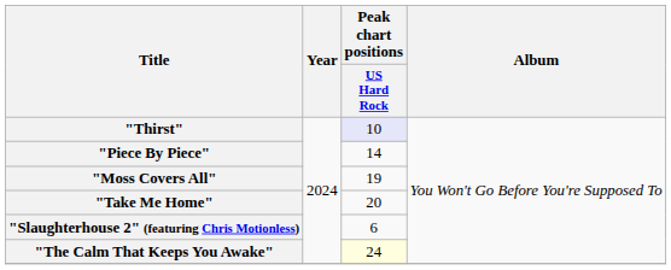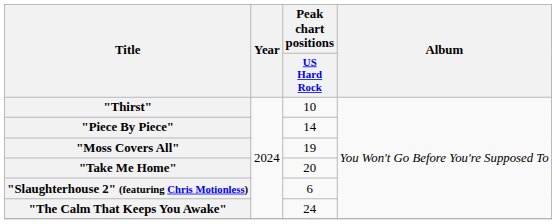 <table class="wikitable plainrowheaders" style="text-align:center;">
 <tr>
 <th scope="col" rowspan="2">Title</th>
 <th scope="col" rowspan="2">Year</th>
 <th scope="col" colspan="1">Peak chart positions</th>
 <th scope="col" rowspan="2">Album</th>
 </tr>
 <tr>
 <th scope="col" style="width:3em;font-size:85%"><a href='#'>US<br>Hard<br>Rock</a></th>
 </tr>
 <tr>
 <th scope="row">"Thirst"</th>
 <td rowspan="6">2024</td>
-<td style="background: lavender;">10</td>
+<td>10</td>
 <td rowspan="6"><em>You Won't Go Before You're Supposed To</em></td>
 </tr>
 <tr>
 <th scope="row">"Piece By Piece"</th>
 <td>14</td>
 </tr>
 <tr>
 <th scope="row">"Moss Covers All"</th>
 <td>19</td>
 </tr>
 <tr>
 <th scope="row">"Take Me Home"</th>
 <td>20</td>
 </tr>
 <tr>
 <th scope="row">"Slaughterhouse 2" <small>(featuring <a href='#'>Chris Motionless</a>)</small></th>
 <td>6</td>
 </tr>
 <tr>
 <th scope="row">"The Calm That Keeps You Awake"</th>
-<td style="background: lightyellow;">24</td>
+<td>24</td>
 </tr>
 <tr>
 </tr>
 </table>
